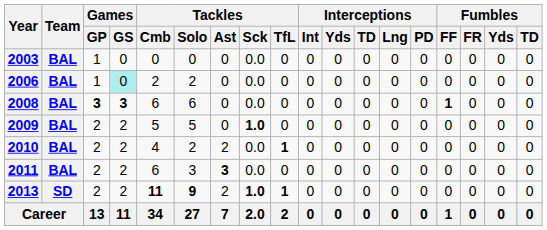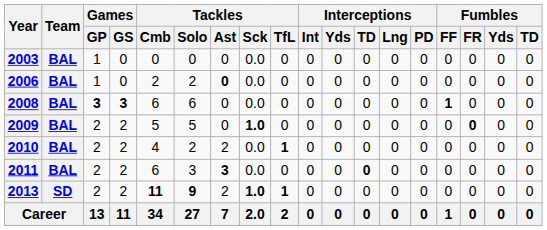 <table class="wikitable" style="text-align:center;">
 <tr>
 <th rowspan="2">Year</th>
 <th rowspan="2">Team</th>
 <th colspan="2">Games</th>
 <th colspan="5">Tackles</th>
 <th colspan="5">Interceptions</th>
 <th colspan="4">Fumbles</th>
 </tr>
 <tr>
 <th>GP</th>
 <th>GS</th>
 <th>Cmb</th>
 <th>Solo</th>
 <th>Ast</th>
 <th>Sck</th>
 <th>TfL</th>
 <th>Int</th>
 <th>Yds</th>
 <th>TD</th>
 <th>Lng</th>
 <th>PD</th>
 <th>FF</th>
 <th>FR</th>
 <th>Yds</th>
 <th>TD</th>
 </tr>
 <tr>
 <th><a href='#'>2003</a></th>
 <th><a href='#'>BAL</a></th>
 <td>1</td>
 <td>0</td>
 <td>0</td>
 <td>0</td>
 <td>0</td>
 <td>0.0</td>
 <td>0</td>
 <td>0</td>
 <td>0</td>
 <td>0</td>
 <td>0</td>
 <td>0</td>
 <td>0</td>
 <td>0</td>
 <td>0</td>
 <td>0</td>
 </tr>
 <tr>
 <th><a href='#'>2006</a></th>
 <th><a href='#'>BAL</a></th>
 <td>1</td>
-<td style="background: paleturquoise;">0</td>
+<td>0</td>
 <td>2</td>
 <td>2</td>
-<td>0</td>
+<td><strong>0</strong></td>
 <td>0.0</td>
 <td>0</td>
 <td>0</td>
 <td>0</td>
 <td>0</td>
 <td>0</td>
 <td>0</td>
 <td>0</td>
 <td>0</td>
 <td>0</td>
 <td>0</td>
 </tr>
 <tr>
 <th><a href='#'>2008</a></th>
 <th><a href='#'>BAL</a></th>
 <td><strong>3</strong></td>
 <td><strong>3</strong></td>
 <td>6</td>
 <td>6</td>
 <td>0</td>
 <td>0.0</td>
 <td>0</td>
 <td>0</td>
 <td>0</td>
 <td>0</td>
 <td>0</td>
 <td>0</td>
 <td><strong>1</strong></td>
 <td>0</td>
 <td>0</td>
 <td>0</td>
 </tr>
 <tr>
 <th><a href='#'>2009</a></th>
 <th><a href='#'>BAL</a></th>
 <td>2</td>
 <td>2</td>
 <td>5</td>
 <td>5</td>
 <td>0</td>
 <td><strong>1.0</strong></td>
 <td>0</td>
 <td>0</td>
 <td>0</td>
 <td>0</td>
 <td>0</td>
 <td>0</td>
 <td>0</td>
-<td>0</td>
+<td><strong>0</strong></td>
 <td>0</td>
 <td>0</td>
 </tr>
 <tr>
 <th><a href='#'>2010</a></th>
 <th><a href='#'>BAL</a></th>
 <td>2</td>
 <td>2</td>
 <td>4</td>
 <td>2</td>
 <td>2</td>
 <td>0.0</td>
 <td><strong>1</strong></td>
 <td>0</td>
 <td>0</td>
 <td>0</td>
 <td>0</td>
 <td>0</td>
 <td>0</td>
 <td>0</td>
 <td>0</td>
 <td>0</td>
 </tr>
 <tr>
 <th><a href='#'>2011</a></th>
 <th><a href='#'>BAL</a></th>
 <td>2</td>
 <td>2</td>
 <td>6</td>
 <td>3</td>
 <td><strong>3</strong></td>
 <td>0.0</td>
 <td>0</td>
 <td>0</td>
 <td>0</td>
-<td>0</td>
+<td><strong>0</strong></td>
 <td>0</td>
 <td>0</td>
 <td>0</td>
 <td>0</td>
 <td>0</td>
 <td>0</td>
 </tr>
 <tr>
 <th><a href='#'>2013</a></th>
 <th><a href='#'>SD</a></th>
 <td>2</td>
 <td>2</td>
 <td><strong>11</strong></td>
 <td><strong>9</strong></td>
 <td>2</td>
 <td><strong>1.0</strong></td>
 <td><strong>1</strong></td>
 <td>0</td>
 <td>0</td>
 <td>0</td>
 <td>0</td>
 <td>0</td>
 <td>0</td>
 <td>0</td>
 <td>0</td>
 <td>0</td>
 </tr>
 <tr>
 <th colspan="2">Career</th>
 <th>13</th>
 <th>11</th>
 <th>34</th>
 <th>27</th>
 <th>7</th>
 <th>2.0</th>
 <th>2</th>
 <th>0</th>
 <th>0</th>
 <th>0</th>
 <th>0</th>
 <th>0</th>
 <th>1</th>
 <th>0</th>
 <th>0</th>
 <th>0</th>
 </tr>
 </table>
